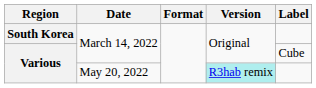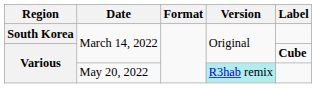 <table class="wikitable plainrowheaders">
 <tr>
 <th scope="col">Region</th>
 <th scope="col">Date</th>
 <th scope="col">Format</th>
 <th scope="col">Version</th>
 <th scope="col">Label</th>
 </tr>
 <tr>
 <th scope="row">South Korea</th>
 <td rowspan="2">March 14, 2022</td>
 <td rowspan="3"></td>
 <td rowspan="2">Original</td>
 <td></td>
 </tr>
 <tr>
 <th rowspan="2" scope="row">Various</th>
-<td>Cube</td>
+<td><strong>Cube</strong></td>
 </tr>
 <tr>
 <td>May 20, 2022</td>
 <td style="background: paleturquoise;"><a href='#'>R3hab</a> remix</td>
 <td></td>
 </tr>
 </table>
